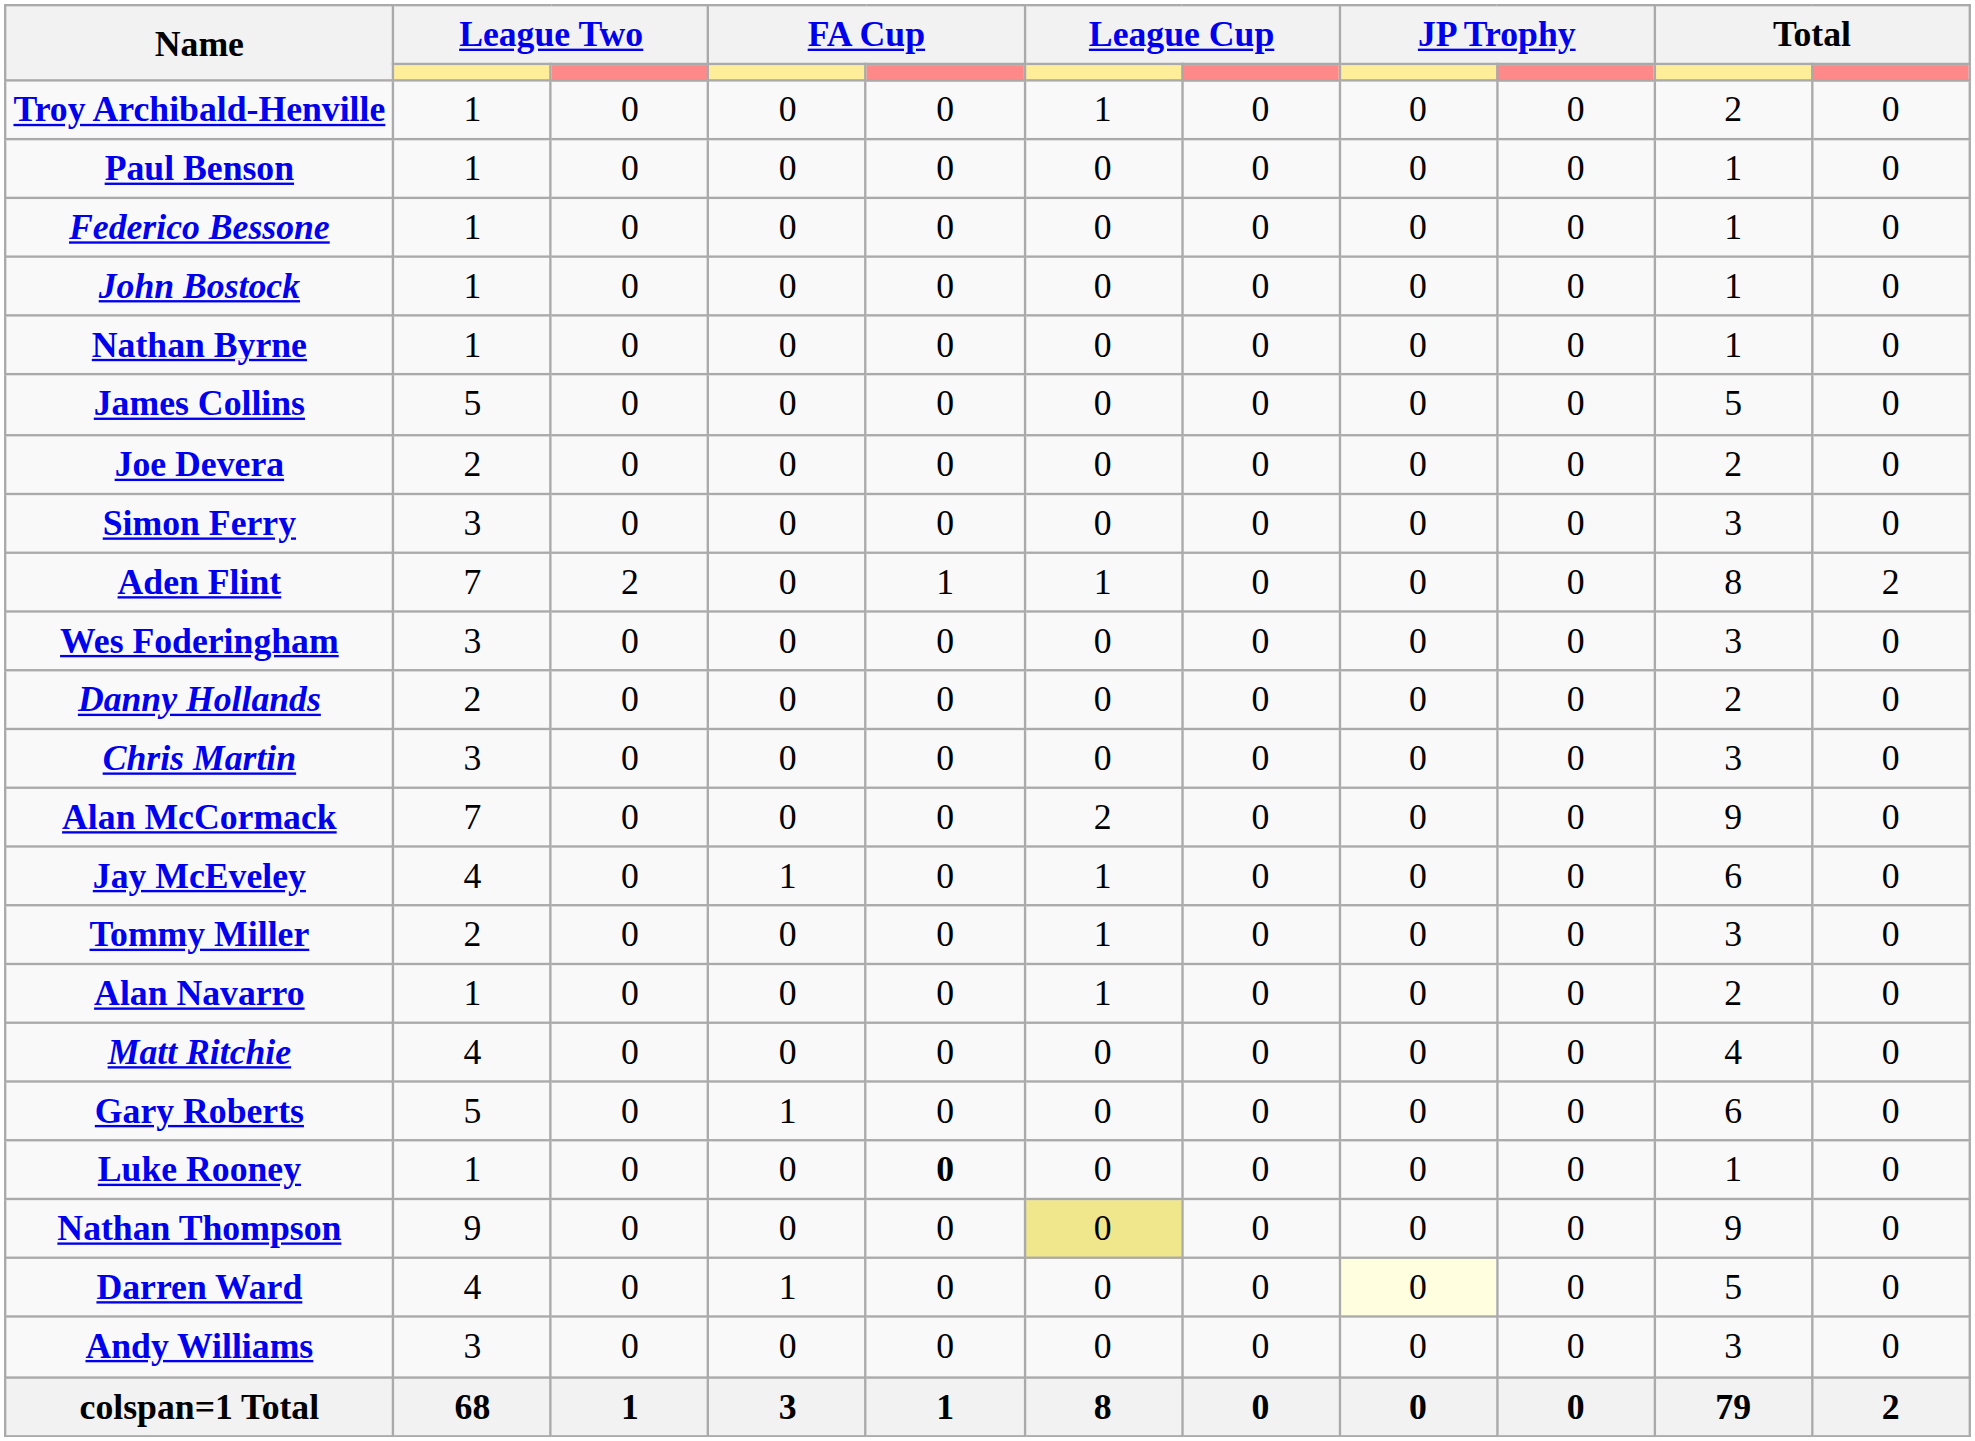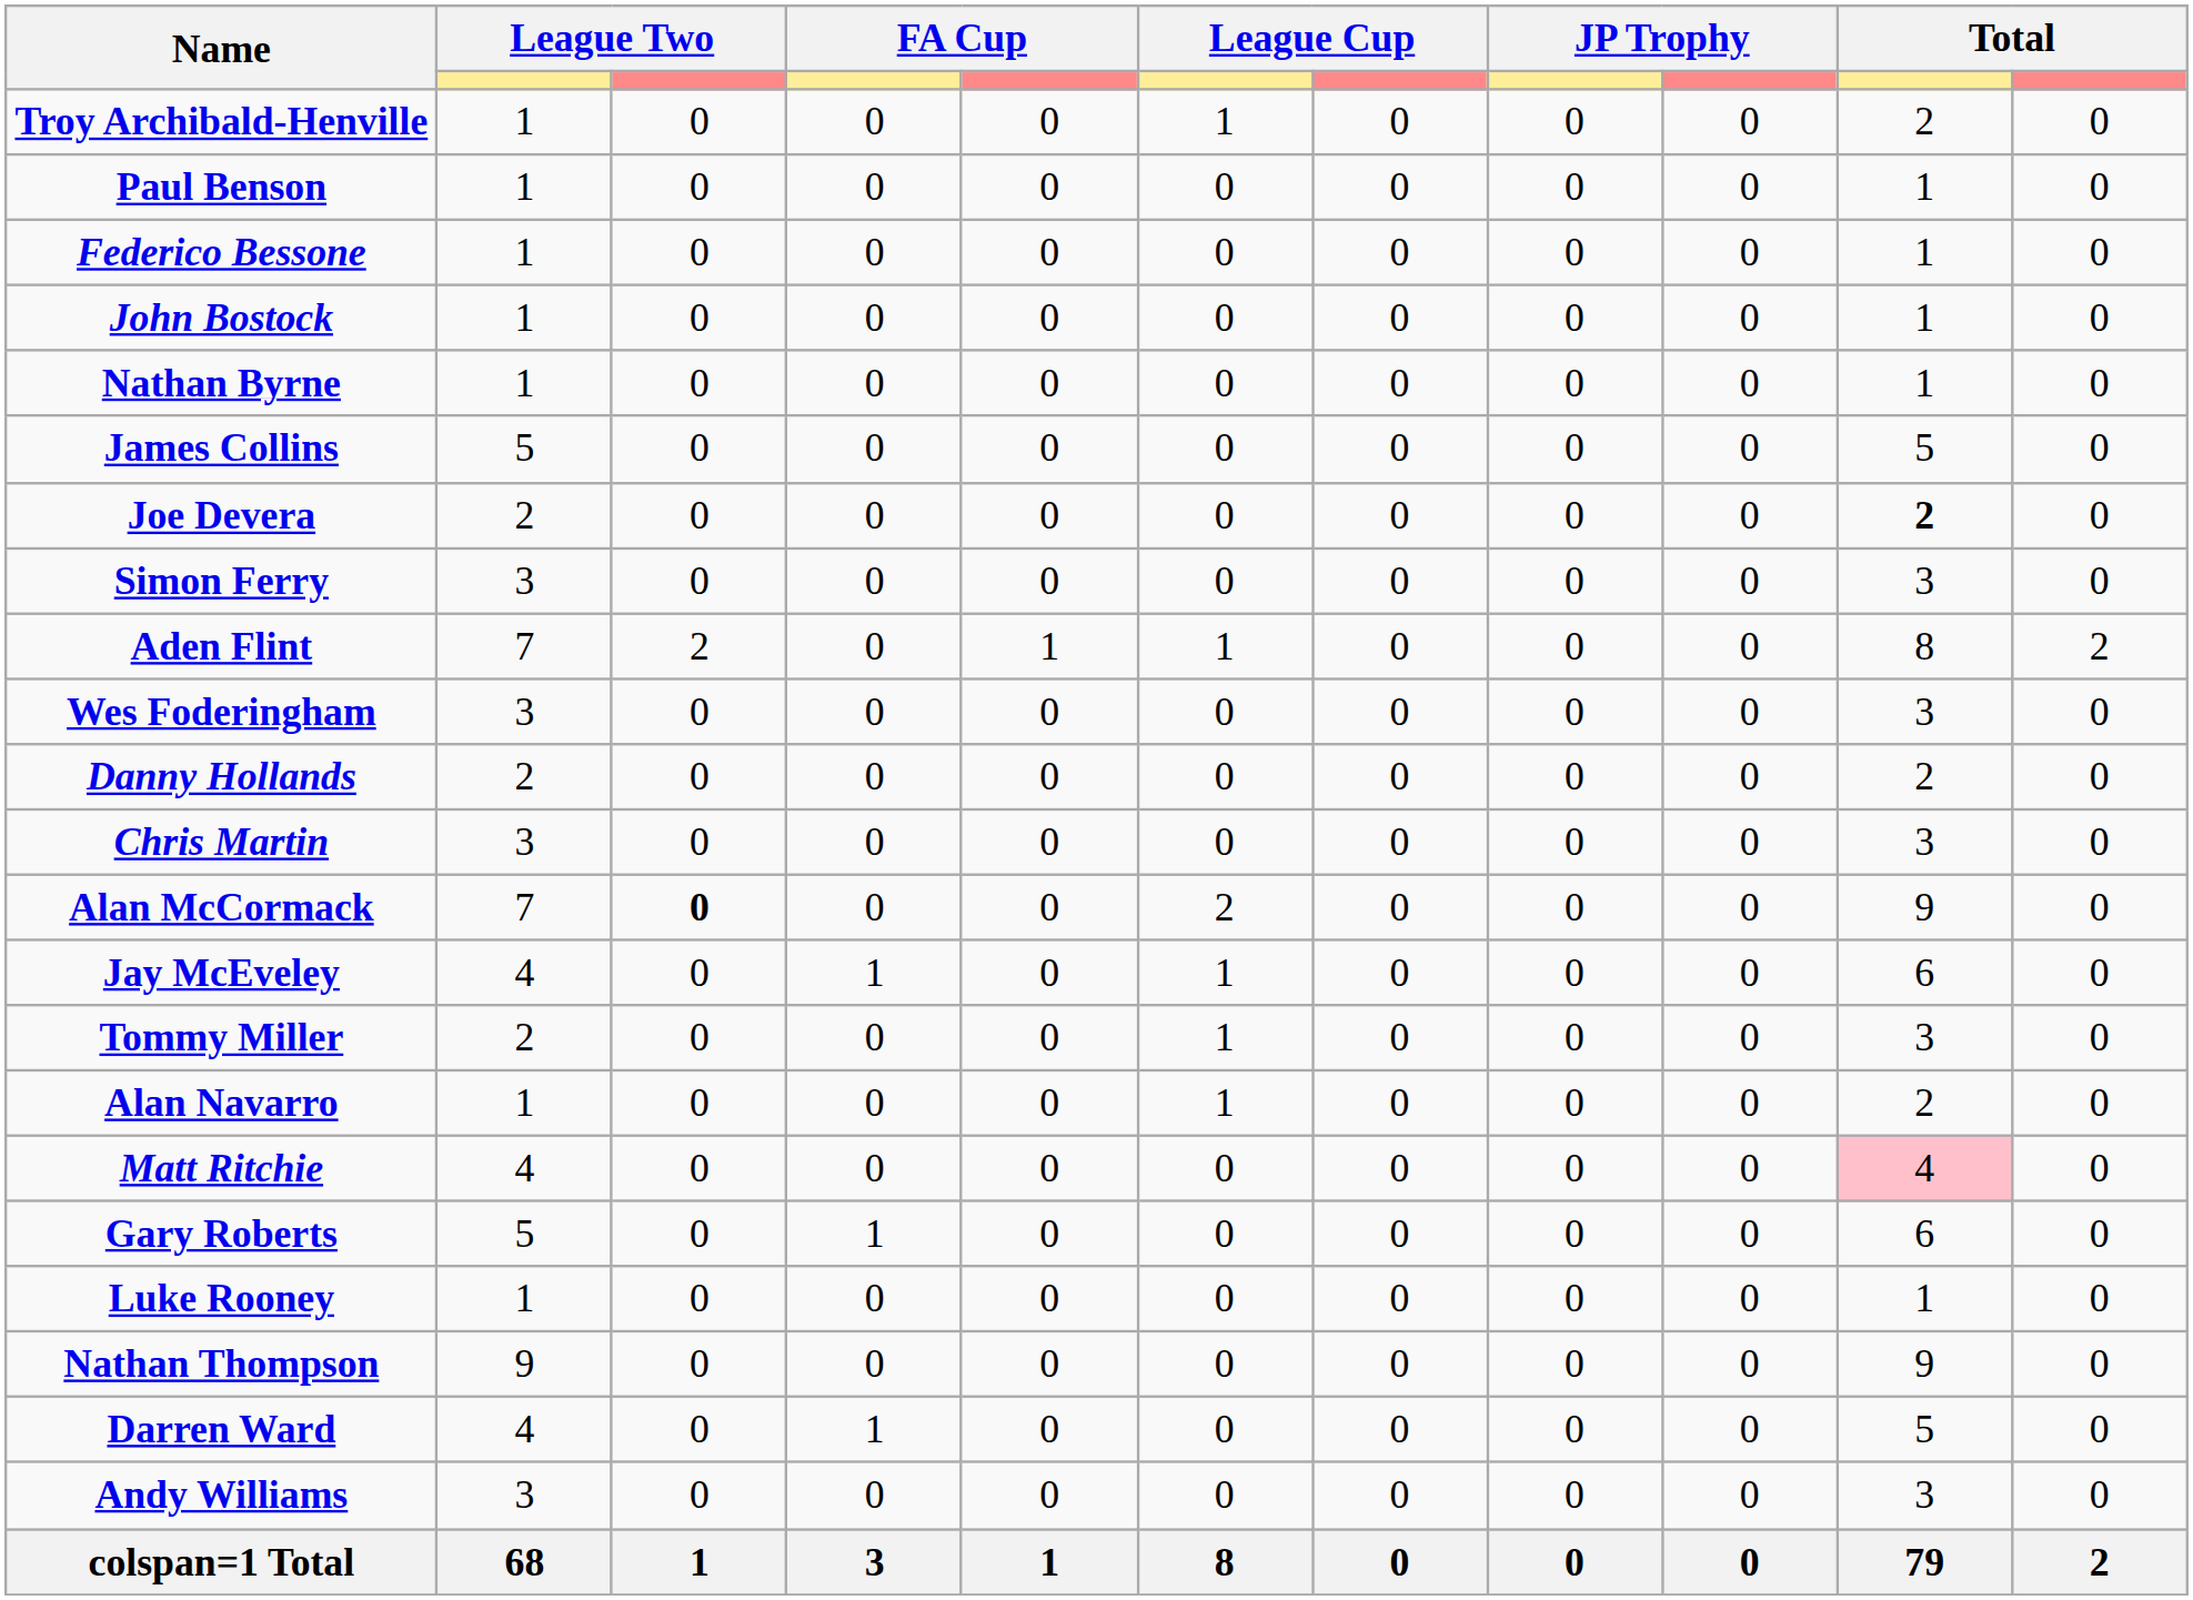 <table class="wikitable" style="font-size: 95%; text-align: center;">
 <tr>
 <th rowspan=2>Name</th>
 <th colspan=2><a href='#'>League Two</a></th>
 <th colspan=2><a href='#'>FA Cup</a></th>
 <th colspan=2><a href='#'>League Cup</a></th>
 <th colspan=2><a href='#'>JP Trophy</a></th>
 <th colspan=2>Total</th>
 </tr>
 <tr>
 <th style="width:60px; background:#fe9;"></th>
 <th style="width:60px; background:#ff8888;"></th>
 <th style="width:60px; background:#fe9;"></th>
 <th style="width:60px; background:#ff8888;"></th>
 <th style="width:60px; background:#fe9;"></th>
 <th style="width:60px; background:#ff8888;"></th>
 <th style="width:60px; background:#fe9;"></th>
 <th style="width:60px; background:#ff8888;"></th>
 <th style="width:60px; background:#fe9;"></th>
 <th style="width:60px; background:#ff8888;"></th>
 </tr>
 <tr>
 <td><strong><a href='#'>Troy Archibald-Henville</a></strong></td>
 <td>1</td>
 <td>0</td>
 <td>0</td>
 <td>0</td>
 <td>1</td>
 <td>0</td>
 <td>0</td>
 <td>0</td>
 <td>2</td>
 <td>0</td>
 </tr>
 <tr>
 <td><strong><a href='#'>Paul Benson</a></strong></td>
 <td>1</td>
 <td>0</td>
 <td>0</td>
 <td>0</td>
 <td>0</td>
 <td>0</td>
 <td>0</td>
 <td>0</td>
 <td>1</td>
 <td>0</td>
 </tr>
 <tr>
 <td><strong><em><a href='#'>Federico Bessone</a></em></strong></td>
 <td>1</td>
 <td>0</td>
 <td>0</td>
 <td>0</td>
 <td>0</td>
 <td>0</td>
 <td>0</td>
 <td>0</td>
 <td>1</td>
 <td>0</td>
 </tr>
 <tr>
 <td><strong><em><a href='#'>John Bostock</a></em></strong></td>
 <td>1</td>
 <td>0</td>
 <td>0</td>
 <td>0</td>
 <td>0</td>
 <td>0</td>
 <td>0</td>
 <td>0</td>
 <td>1</td>
 <td>0</td>
 </tr>
 <tr>
 <td><strong><a href='#'>Nathan Byrne</a></strong></td>
 <td>1</td>
 <td>0</td>
 <td>0</td>
 <td>0</td>
 <td>0</td>
 <td>0</td>
 <td>0</td>
 <td>0</td>
 <td>1</td>
 <td>0</td>
 </tr>
 <tr>
 <td><strong><a href='#'>James Collins</a></strong></td>
 <td>5</td>
 <td>0</td>
 <td>0</td>
 <td>0</td>
 <td>0</td>
 <td>0</td>
 <td>0</td>
 <td>0</td>
 <td>5</td>
 <td>0</td>
 </tr>
 <tr>
 <td><strong><a href='#'>Joe Devera</a></strong></td>
 <td>2</td>
 <td>0</td>
 <td>0</td>
 <td>0</td>
 <td>0</td>
 <td>0</td>
 <td>0</td>
 <td>0</td>
-<td>2</td>
+<td><strong>2</strong></td>
 <td>0</td>
 </tr>
 <tr>
 <td><strong><a href='#'>Simon Ferry</a></strong></td>
 <td>3</td>
 <td>0</td>
 <td>0</td>
 <td>0</td>
 <td>0</td>
 <td>0</td>
 <td>0</td>
 <td>0</td>
 <td>3</td>
 <td>0</td>
 </tr>
 <tr>
 <td><strong><a href='#'>Aden Flint</a></strong></td>
 <td>7</td>
 <td>2</td>
 <td>0</td>
 <td>1</td>
 <td>1</td>
 <td>0</td>
 <td>0</td>
 <td>0</td>
 <td>8</td>
 <td>2</td>
 </tr>
 <tr>
 <td><strong><a href='#'>Wes Foderingham</a></strong></td>
 <td>3</td>
 <td>0</td>
 <td>0</td>
 <td>0</td>
 <td>0</td>
 <td>0</td>
 <td>0</td>
 <td>0</td>
 <td>3</td>
 <td>0</td>
 </tr>
 <tr>
 <td><strong><em><a href='#'>Danny Hollands</a></em></strong></td>
 <td>2</td>
 <td>0</td>
 <td>0</td>
 <td>0</td>
 <td>0</td>
 <td>0</td>
 <td>0</td>
 <td>0</td>
 <td>2</td>
 <td>0</td>
 </tr>
 <tr>
 <td><strong><em><a href='#'>Chris Martin</a></em></strong></td>
 <td>3</td>
 <td>0</td>
 <td>0</td>
 <td>0</td>
 <td>0</td>
 <td>0</td>
 <td>0</td>
 <td>0</td>
 <td>3</td>
 <td>0</td>
 </tr>
 <tr>
 <td><strong><a href='#'>Alan McCormack</a></strong></td>
 <td>7</td>
-<td>0</td>
+<td><strong>0</strong></td>
 <td>0</td>
 <td>0</td>
 <td>2</td>
 <td>0</td>
 <td>0</td>
 <td>0</td>
 <td>9</td>
 <td>0</td>
 </tr>
 <tr>
 <td><strong><a href='#'>Jay McEveley</a></strong></td>
 <td>4</td>
 <td>0</td>
 <td>1</td>
 <td>0</td>
 <td>1</td>
 <td>0</td>
 <td>0</td>
 <td>0</td>
 <td>6</td>
 <td>0</td>
 </tr>
 <tr>
 <td><strong><a href='#'>Tommy Miller</a></strong></td>
 <td>2</td>
 <td>0</td>
 <td>0</td>
 <td>0</td>
 <td>1</td>
 <td>0</td>
 <td>0</td>
 <td>0</td>
 <td>3</td>
 <td>0</td>
 </tr>
 <tr>
 <td><strong><a href='#'>Alan Navarro</a></strong></td>
 <td>1</td>
 <td>0</td>
 <td>0</td>
 <td>0</td>
 <td>1</td>
 <td>0</td>
 <td>0</td>
 <td>0</td>
 <td>2</td>
 <td>0</td>
 </tr>
 <tr>
 <td><strong><em><a href='#'>Matt Ritchie</a></em></strong></td>
 <td>4</td>
 <td>0</td>
 <td>0</td>
 <td>0</td>
 <td>0</td>
 <td>0</td>
 <td>0</td>
 <td>0</td>
-<td>4</td>
+<td style="background: pink;">4</td>
 <td>0</td>
 </tr>
 <tr>
 <td><strong><a href='#'>Gary Roberts</a></strong></td>
 <td>5</td>
 <td>0</td>
 <td>1</td>
 <td>0</td>
 <td>0</td>
 <td>0</td>
 <td>0</td>
 <td>0</td>
 <td>6</td>
 <td>0</td>
 </tr>
 <tr>
 <td><strong><a href='#'>Luke Rooney</a></strong></td>
 <td>1</td>
 <td>0</td>
 <td>0</td>
-<td><strong>0</strong></td>
+<td>0</td>
 <td>0</td>
 <td>0</td>
 <td>0</td>
 <td>0</td>
 <td>1</td>
 <td>0</td>
 </tr>
 <tr>
 <td><strong><a href='#'>Nathan Thompson</a></strong></td>
 <td>9</td>
 <td>0</td>
 <td>0</td>
 <td>0</td>
-<td style="background: khaki;">0</td>
+<td>0</td>
 <td>0</td>
 <td>0</td>
 <td>0</td>
 <td>9</td>
 <td>0</td>
 </tr>
 <tr>
 <td><strong><a href='#'>Darren Ward</a></strong></td>
 <td>4</td>
 <td>0</td>
 <td>1</td>
 <td>0</td>
 <td>0</td>
 <td>0</td>
-<td style="background: lightyellow;">0</td>
+<td>0</td>
 <td>0</td>
 <td>5</td>
 <td>0</td>
 </tr>
 <tr>
 <td><strong><a href='#'>Andy Williams</a></strong></td>
 <td>3</td>
 <td>0</td>
 <td>0</td>
 <td>0</td>
 <td>0</td>
 <td>0</td>
 <td>0</td>
 <td>0</td>
 <td>3</td>
 <td>0</td>
 </tr>
 <tr>
 <th>colspan=1 Total</th>
 <th>68</th>
 <th>1</th>
 <th>3</th>
 <th>1</th>
 <th>8</th>
 <th>0</th>
 <th>0</th>
 <th>0</th>
 <th>79</th>
 <th>2</th>
 </tr>
 </table>
